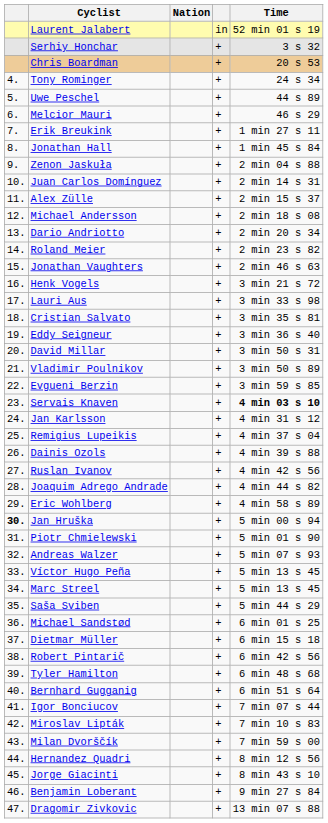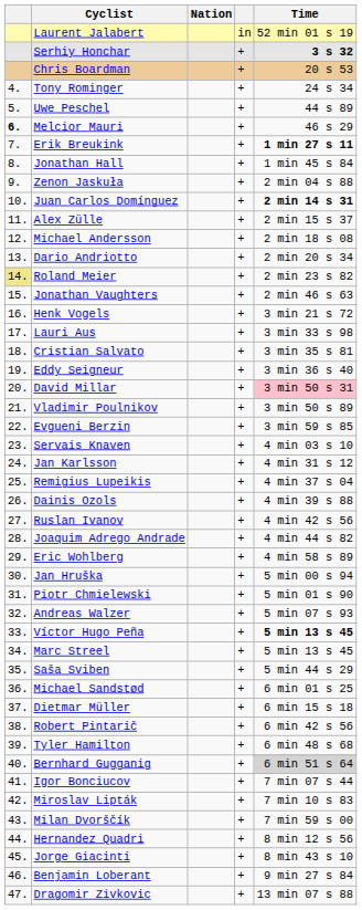 <table class="wikitable">
 <tr>
 <th scope=col></th>
 <th scope=col>Cyclist</th>
 <th scope=col>Nation</th>
 <th scope=col></th>
 <th scope=col>Time</th>
 </tr>
 <tr bgcolor=fffcaf>
 <td></td>
 <td><a href='#'>Laurent Jalabert</a></td>
 <td></td>
 <td>in</td>
 <td>52 min 01 s 19</td>
 </tr>
 <tr bgcolor=e5e5e5>
 <td></td>
 <td><a href='#'>Serhiy Honchar</a></td>
 <td></td>
 <td>+</td>
-<td align=right>3 s 32</td>
+<td align=right><strong>3 s 32</strong></td>
 </tr>
 <tr bgcolor=eecc99>
 <td></td>
 <td><a href='#'>Chris Boardman</a></td>
 <td></td>
 <td>+</td>
 <td align=right>20 s 53</td>
 </tr>
 <tr>
 <td>4.</td>
 <td><a href='#'>Tony Rominger</a></td>
 <td></td>
 <td>+</td>
 <td align=right>24 s 34</td>
 </tr>
 <tr>
 <td>5.</td>
 <td><a href='#'>Uwe Peschel</a></td>
 <td></td>
 <td>+</td>
 <td align=right>44 s 89</td>
 </tr>
 <tr>
-<td>6.</td>
+<td><strong>6.</strong></td>
 <td><a href='#'>Melcior Mauri</a></td>
 <td></td>
 <td>+</td>
 <td align=right>46 s 29</td>
 </tr>
 <tr>
 <td>7.</td>
 <td><a href='#'>Erik Breukink</a></td>
 <td></td>
 <td>+</td>
-<td align=right>1 min 27 s 11</td>
+<td align=right><strong>1 min 27 s 11</strong></td>
 </tr>
 <tr>
 <td>8.</td>
 <td><a href='#'>Jonathan Hall</a></td>
 <td></td>
 <td>+</td>
 <td align=right>1 min 45 s 84</td>
 </tr>
 <tr>
 <td>9.</td>
 <td><a href='#'>Zenon Jaskuła</a></td>
 <td></td>
 <td>+</td>
 <td align=right>2 min 04 s 88</td>
 </tr>
 <tr>
 <td>10.</td>
 <td><a href='#'>Juan Carlos Domínguez</a></td>
 <td></td>
 <td>+</td>
-<td align=right>2 min 14 s 31</td>
+<td align=right><strong>2 min 14 s 31</strong></td>
 </tr>
 <tr>
 <td>11.</td>
 <td><a href='#'>Alex Zülle</a></td>
 <td></td>
 <td>+</td>
 <td align=right>2 min 15 s 37</td>
 </tr>
 <tr>
 <td>12.</td>
 <td><a href='#'>Michael Andersson</a></td>
 <td></td>
 <td>+</td>
 <td align=right>2 min 18 s 08</td>
 </tr>
 <tr>
 <td>13.</td>
 <td><a href='#'>Dario Andriotto</a></td>
 <td></td>
 <td>+</td>
 <td align=right>2 min 20 s 34</td>
 </tr>
 <tr>
-<td>14.</td>
+<td style="background: khaki;">14.</td>
 <td><a href='#'>Roland Meier</a></td>
 <td></td>
 <td>+</td>
 <td align=right>2 min 23 s 82</td>
 </tr>
 <tr>
 <td>15.</td>
 <td><a href='#'>Jonathan Vaughters</a></td>
 <td></td>
 <td>+</td>
 <td align=right>2 min 46 s 63</td>
 </tr>
 <tr>
 <td>16.</td>
 <td><a href='#'>Henk Vogels</a></td>
 <td></td>
 <td>+</td>
 <td align=right>3 min 21 s 72</td>
 </tr>
 <tr>
 <td>17.</td>
 <td><a href='#'>Lauri Aus</a></td>
 <td></td>
 <td>+</td>
 <td align=right>3 min 33 s 98</td>
 </tr>
 <tr>
 <td>18.</td>
 <td><a href='#'>Cristian Salvato</a></td>
 <td></td>
 <td>+</td>
 <td align=right>3 min 35 s 81</td>
 </tr>
 <tr>
 <td>19.</td>
 <td><a href='#'>Eddy Seigneur</a></td>
 <td></td>
 <td>+</td>
 <td align=right>3 min 36 s 40</td>
 </tr>
 <tr>
 <td>20.</td>
 <td><a href='#'>David Millar</a></td>
 <td></td>
 <td>+</td>
-<td align=right>3 min 50 s 31</td>
+<td align=right style="background: pink;">3 min 50 s 31</td>
 </tr>
 <tr>
 <td>21.</td>
 <td><a href='#'>Vladimir Poulnikov</a></td>
 <td></td>
 <td>+</td>
 <td align=right>3 min 50 s 89</td>
 </tr>
 <tr>
 <td>22.</td>
 <td><a href='#'>Evgueni Berzin</a></td>
 <td></td>
 <td>+</td>
 <td align=right>3 min 59 s 85</td>
 </tr>
 <tr>
 <td>23.</td>
 <td><a href='#'>Servais Knaven</a></td>
 <td></td>
 <td>+</td>
-<td align=right><strong>4 min 03 s 10</strong></td>
+<td align=right>4 min 03 s 10</td>
 </tr>
 <tr>
 <td>24.</td>
 <td><a href='#'>Jan Karlsson</a></td>
 <td></td>
 <td>+</td>
 <td align=right>4 min 31 s 12</td>
 </tr>
 <tr>
 <td>25.</td>
 <td><a href='#'>Remigius Lupeikis</a></td>
 <td></td>
 <td>+</td>
 <td align=right>4 min 37 s 04</td>
 </tr>
 <tr>
 <td>26.</td>
 <td><a href='#'>Dainis Ozols</a></td>
 <td></td>
 <td>+</td>
 <td align=right>4 min 39 s 88</td>
 </tr>
 <tr>
 <td>27.</td>
 <td><a href='#'>Ruslan Ivanov</a></td>
 <td></td>
 <td>+</td>
 <td align=right>4 min 42 s 56</td>
 </tr>
 <tr>
 <td>28.</td>
 <td><a href='#'>Joaquim Adrego Andrade</a></td>
 <td></td>
 <td>+</td>
 <td align=right>4 min 44 s 82</td>
 </tr>
 <tr>
 <td>29.</td>
 <td><a href='#'>Eric Wohlberg</a></td>
 <td></td>
 <td>+</td>
 <td align=right>4 min 58 s 89</td>
 </tr>
 <tr>
-<td><strong>30.</strong></td>
+<td>30.</td>
 <td><a href='#'>Jan Hruška</a></td>
 <td></td>
 <td>+</td>
 <td align=right>5 min 00 s 94</td>
 </tr>
 <tr>
 <td>31.</td>
 <td><a href='#'>Piotr Chmielewski</a></td>
 <td></td>
 <td>+</td>
 <td align=right>5 min 01 s 90</td>
 </tr>
 <tr>
 <td>32.</td>
 <td><a href='#'>Andreas Walzer</a></td>
 <td></td>
 <td>+</td>
 <td align=right>5 min 07 s 93</td>
 </tr>
 <tr>
 <td>33.</td>
 <td><a href='#'>Víctor Hugo Peña</a></td>
 <td></td>
 <td>+</td>
-<td align=right>5 min 13 s 45</td>
+<td align=right><strong>5 min 13 s 45</strong></td>
 </tr>
 <tr>
 <td>34.</td>
 <td><a href='#'>Marc Streel</a></td>
 <td></td>
 <td>+</td>
 <td align=right>5 min 13 s 45</td>
 </tr>
 <tr>
 <td>35.</td>
 <td><a href='#'>Saša Sviben</a></td>
 <td></td>
 <td>+</td>
 <td align=right>5 min 44 s 29</td>
 </tr>
 <tr>
 <td>36.</td>
 <td><a href='#'>Michael Sandstød</a></td>
 <td></td>
 <td>+</td>
 <td align=right>6 min 01 s 25</td>
 </tr>
 <tr>
 <td>37.</td>
 <td><a href='#'>Dietmar Müller</a></td>
 <td></td>
 <td>+</td>
 <td align=right>6 min 15 s 18</td>
 </tr>
 <tr>
 <td>38.</td>
 <td><a href='#'>Robert Pintarič</a></td>
 <td></td>
 <td>+</td>
 <td align=right>6 min 42 s 56</td>
 </tr>
 <tr>
 <td>39.</td>
 <td><a href='#'>Tyler Hamilton</a></td>
 <td></td>
 <td>+</td>
 <td align=right>6 min 48 s 68</td>
 </tr>
 <tr>
 <td>40.</td>
 <td><a href='#'>Bernhard Gugganig</a></td>
 <td></td>
 <td>+</td>
-<td align=right>6 min 51 s 64</td>
+<td align=right style="background: lightgrey;">6 min 51 s 64</td>
 </tr>
 <tr>
 <td>41.</td>
 <td><a href='#'>Igor Bonciucov</a></td>
 <td></td>
 <td>+</td>
 <td align=right>7 min 07 s 44</td>
 </tr>
 <tr>
 <td>42.</td>
 <td><a href='#'>Miroslav Lipták</a></td>
 <td></td>
 <td>+</td>
 <td align=right>7 min 10 s 83</td>
 </tr>
 <tr>
 <td>43.</td>
 <td><a href='#'>Milan Dvorščík</a></td>
 <td></td>
 <td>+</td>
 <td align=right>7 min 59 s 00</td>
 </tr>
 <tr>
 <td>44.</td>
 <td><a href='#'>Hernandez Quadri</a></td>
 <td></td>
 <td>+</td>
 <td align=right>8 min 12 s 56</td>
 </tr>
 <tr>
 <td>45.</td>
 <td><a href='#'>Jorge Giacinti</a></td>
 <td></td>
 <td>+</td>
 <td align=right>8 min 43 s 10</td>
 </tr>
 <tr>
 <td>46.</td>
 <td><a href='#'>Benjamin Loberant</a></td>
 <td></td>
 <td>+</td>
 <td align=right>9 min 27 s 84</td>
 </tr>
 <tr>
 <td>47.</td>
 <td><a href='#'>Dragomir Zivkovic</a></td>
 <td></td>
 <td>+</td>
 <td align=right>13 min 07 s 88</td>
 </tr>
 </table>
